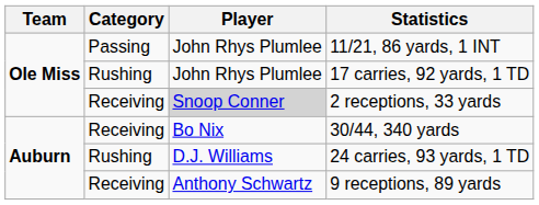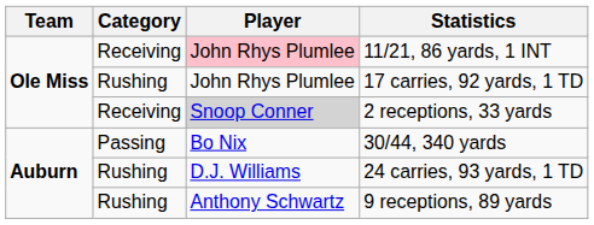 <table class="wikitable" style="float: right;">
 <tr>
 <th>Team</th>
 <th>Category</th>
 <th>Player</th>
 <th>Statistics</th>
 </tr>
 <tr>
 <td rowspan=3><strong>Ole Miss</strong></td>
-<td>Passing</td>
-<td>John Rhys Plumlee</td>
+<td>Receiving</td>
+<td style="background: pink;">John Rhys Plumlee</td>
 <td>11/21, 86 yards, 1 INT</td>
 </tr>
 <tr>
 <td>Rushing</td>
 <td>John Rhys Plumlee</td>
 <td>17 carries, 92 yards, 1 TD</td>
 </tr>
 <tr>
 <td>Receiving</td>
 <td style="background: lightgrey;"><a href='#'>Snoop Conner</a></td>
 <td>2 receptions, 33 yards</td>
 </tr>
 <tr>
 <td rowspan=3><strong>Auburn</strong></td>
-<td>Receiving</td>
+<td>Passing</td>
 <td><a href='#'>Bo Nix</a></td>
 <td>30/44, 340 yards</td>
 </tr>
 <tr>
 <td>Rushing</td>
 <td><a href='#'>D.J. Williams</a></td>
 <td>24 carries, 93 yards, 1 TD</td>
 </tr>
 <tr>
-<td>Receiving</td>
+<td>Rushing</td>
 <td><a href='#'>Anthony Schwartz</a></td>
 <td>9 receptions, 89 yards</td>
 </tr>
 </table>
